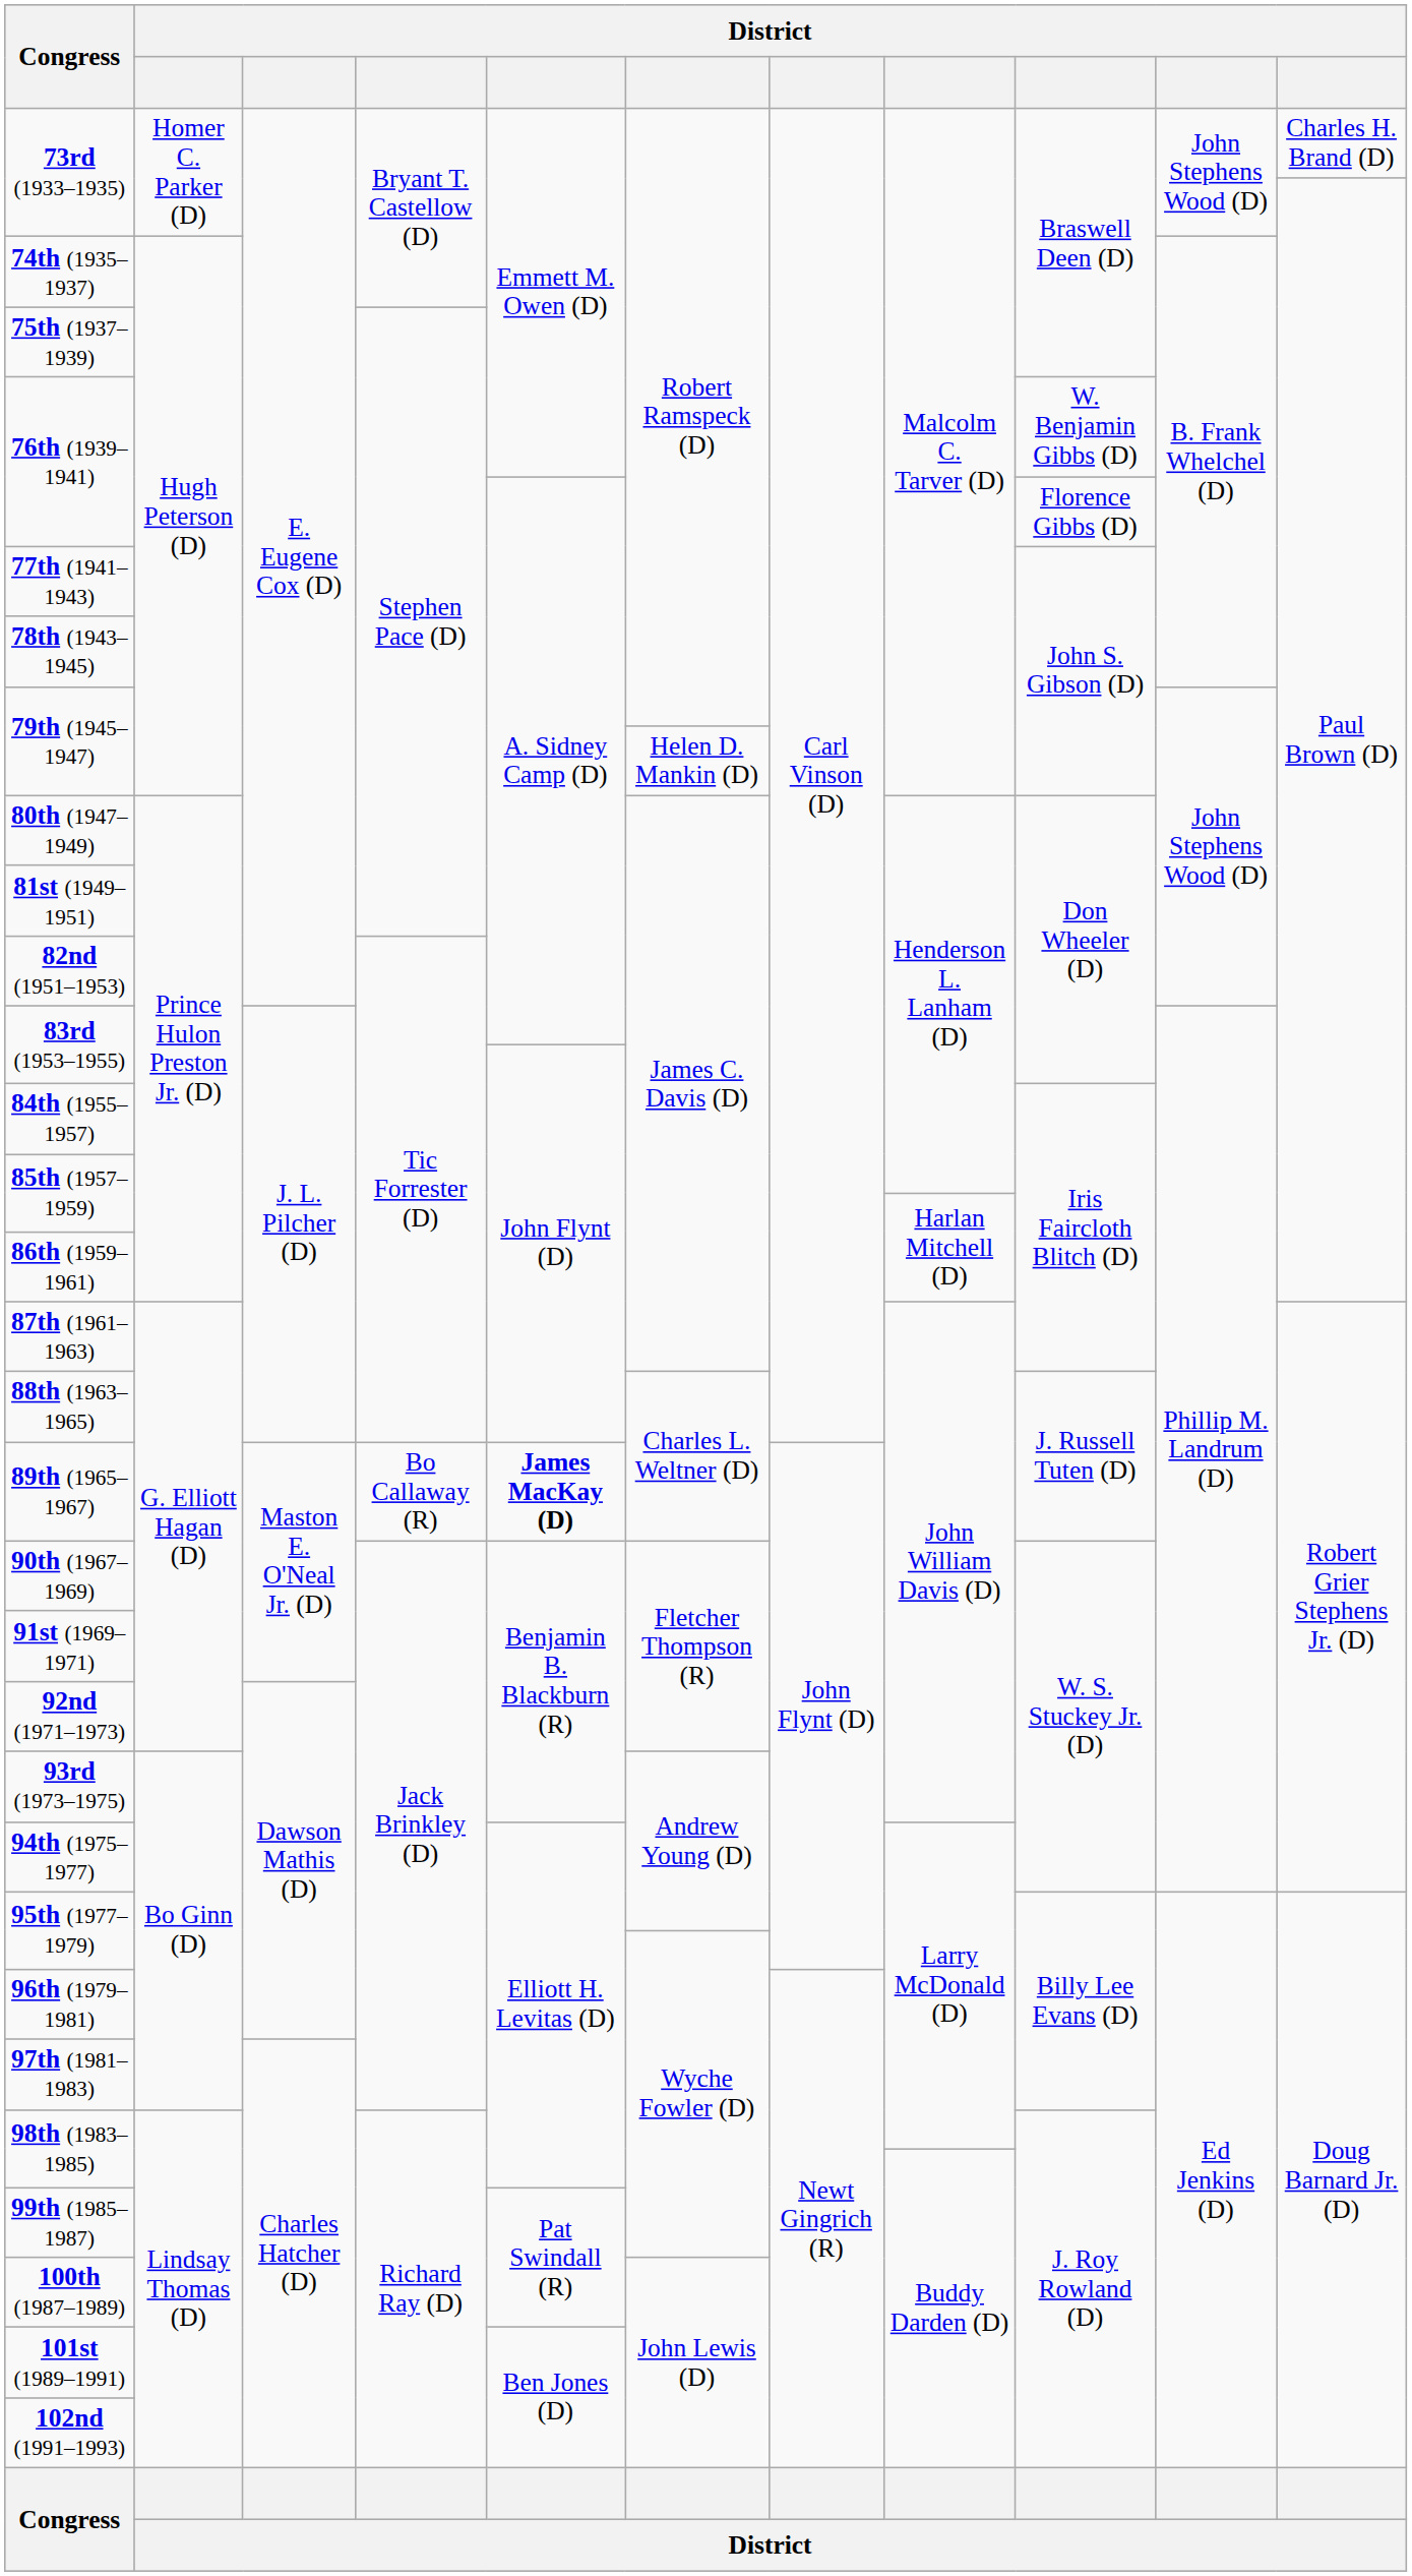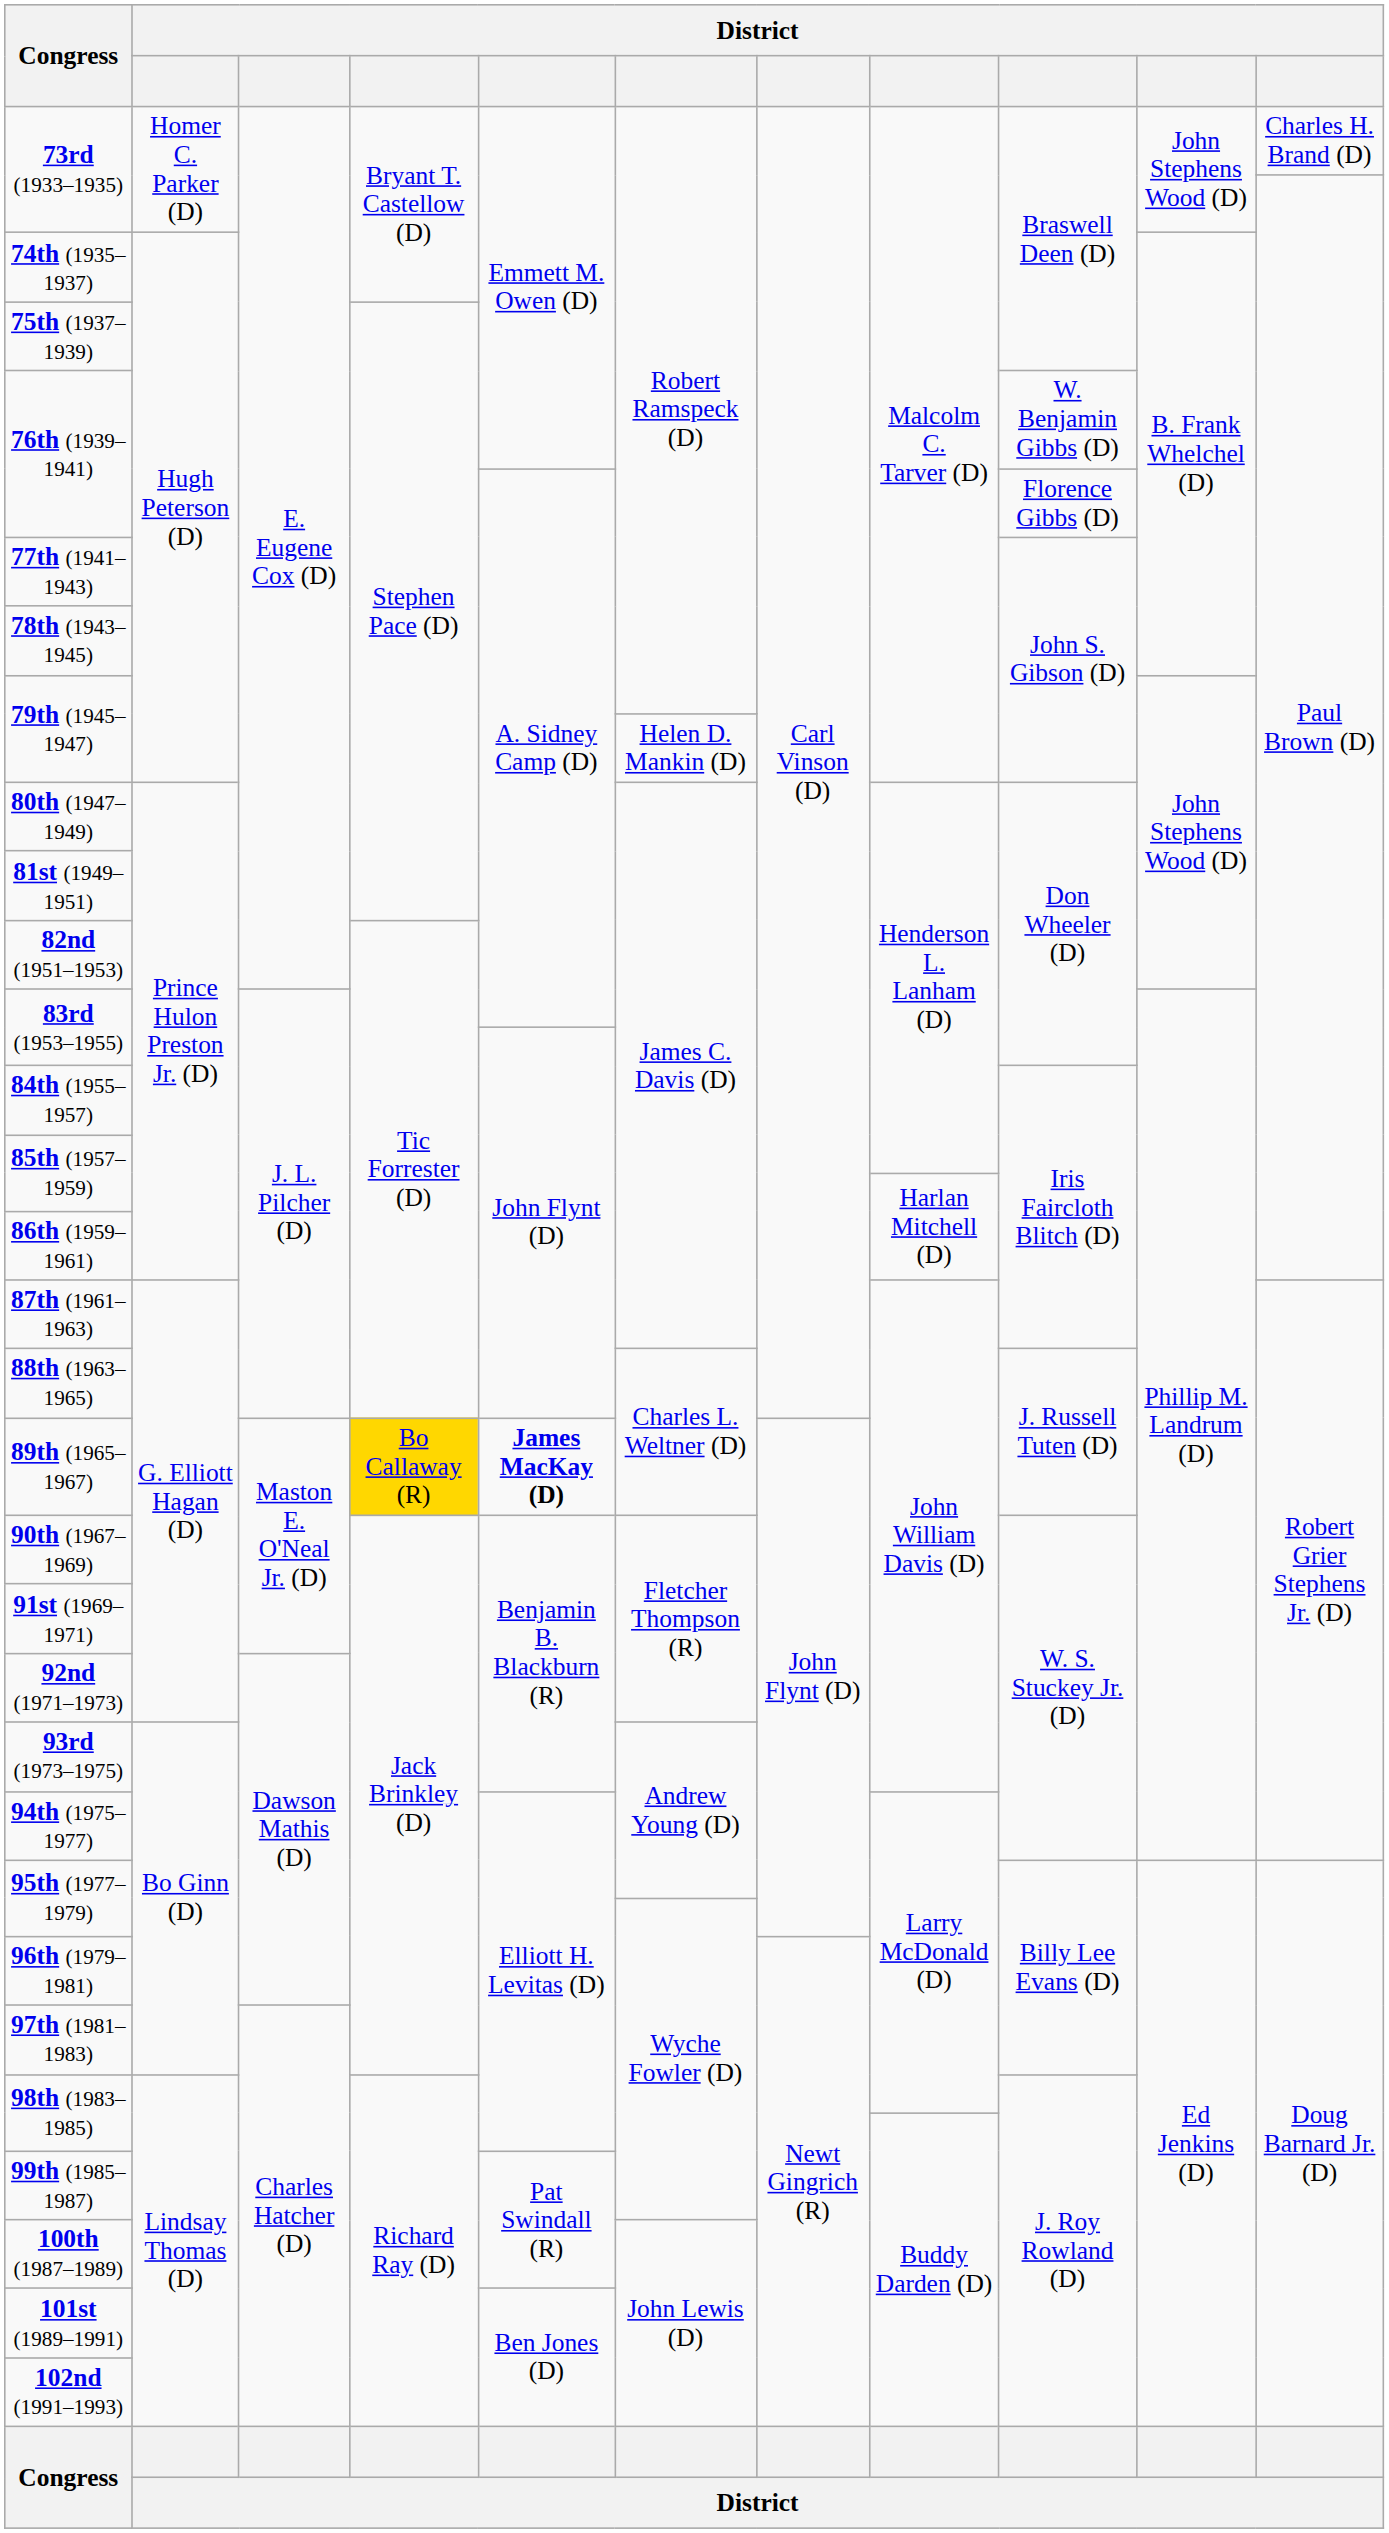 <table class=wikitable style="text-align:center">
 <tr style="height:2em">
 <th rowspan=2>Congress</th>
 <th colspan=10>District</th>
 </tr>
 <tr style="height:2em">
 <th></th>
 <th></th>
 <th></th>
 <th></th>
 <th></th>
 <th></th>
 <th></th>
 <th></th>
 <th></th>
 <th></th>
 </tr>
 <tr style="height:2em">
 <td rowspan="2"><strong><a href='#'>73rd</a></strong> <small>(1933–1935)</small></td>
 <td rowspan="2" ><a href='#'>Homer C.<br>Parker</a> (D)</td>
 <td rowspan="13" ><a href='#'>E. Eugene<br>Cox</a> (D)</td>
 <td rowspan="3" ><a href='#'>Bryant T.<br>Castellow</a> (D)</td>
 <td rowspan="5" ><a href='#'>Emmett M.<br>Owen</a> (D)</td>
 <td rowspan="9" ><a href='#'>Robert<br>Ramspeck</a> (D)</td>
 <td rowspan="21" ><a href='#'>Carl<br>Vinson</a> (D)</td>
 <td rowspan="10" ><a href='#'>Malcolm C.<br>Tarver</a> (D)</td>
 <td rowspan="4" ><a href='#'>Braswell Deen</a> (D)</td>
 <td rowspan="2" ><a href='#'>John Stephens<br>Wood</a> (D)</td>
 <td><a href='#'>Charles H. Brand</a> (D)</td>
 </tr>
 <tr style="height:1.5em">
 <td rowspan="18" ><a href='#'>Paul Brown</a> (D)</td>
 </tr>
 <tr style="height:2.5em">
 <td><strong><a href='#'>74th</a></strong> <small>(1935–1937)</small></td>
 <td rowspan="8" ><a href='#'>Hugh<br>Peterson</a> (D)</td>
 <td rowspan="6" ><a href='#'>B. Frank<br>Whelchel</a> (D)</td>
 </tr>
 <tr style="height:2.5em">
 <td><strong><a href='#'>75th</a></strong> <small>(1937–1939)</small></td>
 <td rowspan="9" ><a href='#'>Stephen Pace</a> (D)</td>
 </tr>
 <tr style="height:2em">
 <td rowspan="2"><strong><a href='#'>76th</a></strong> <small>(1939–1941)</small></td>
 <td><a href='#'>W. Benjamin Gibbs</a> (D)</td>
 </tr>
 <tr style="height:2em">
 <td rowspan="9" ><a href='#'>A. Sidney<br>Camp</a> (D)</td>
 <td><a href='#'>Florence Gibbs</a> (D)</td>
 </tr>
 <tr style="height:2.5em">
 <td><strong><a href='#'>77th</a></strong> <small>(1941–1943)</small></td>
 <td rowspan="4" ><a href='#'>John S. Gibson</a> (D)</td>
 </tr>
 <tr style="height:2.5em">
 <td><strong><a href='#'>78th</a></strong> <small>(1943–1945)</small></td>
 </tr>
 <tr style="height:1.5em">
 <td rowspan="2"><strong><a href='#'>79th</a></strong> <small>(1945–1947)</small></td>
 <td rowspan="5" ><a href='#'>John Stephens<br>Wood</a> (D)</td>
 </tr>
 <tr style="height:2em">
 <td><a href='#'>Helen D. Mankin</a> (D)</td>
 </tr>
 <tr style="height:2.5em">
 <td><strong><a href='#'>80th</a></strong> <small>(1947–1949)</small></td>
 <td rowspan="9" ><a href='#'>Prince<br>Hulon<br>Preston<br>Jr.</a> (D)</td>
 <td rowspan="10" ><a href='#'>James C. Davis</a> (D)</td>
 <td rowspan="7" ><a href='#'>Henderson L.<br>Lanham</a> (D)</td>
 <td rowspan="5" ><a href='#'>Don Wheeler</a> (D)</td>
 </tr>
 <tr style="height:2.5em">
 <td><strong><a href='#'>81st</a></strong> <small>(1949–1951)</small></td>
 </tr>
 <tr style="height:2.5em">
 <td><strong><a href='#'>82nd</a></strong> <small>(1951–1953)</small></td>
 <td rowspan="9" ><a href='#'>Tic Forrester</a> (D)</td>
 </tr>
 <tr style="height:1.5em">
 <td rowspan="2"><strong><a href='#'>83rd</a></strong> <small>(1953–1955)</small></td>
 <td rowspan="8" ><a href='#'>J. L. Pilcher</a> (D)</td>
 <td rowspan="14" ><a href='#'>Phillip M.<br>Landrum</a> (D)</td>
 </tr>
 <tr style="height:1.5em">
 <td rowspan="7" ><a href='#'>John Flynt</a> (D)</td>
 </tr>
 <tr style="height:2.5em">
 <td><strong><a href='#'>84th</a></strong> <small>(1955–1957)</small></td>
 <td rowspan="5" ><a href='#'>Iris Faircloth<br>Blitch</a> (D)</td>
 </tr>
 <tr style="height:1.5em">
 <td rowspan="2"><strong><a href='#'>85th</a></strong> <small>(1957–1959)</small></td>
 </tr>
 <tr style="height:1.5em">
 <td rowspan="2" ><a href='#'>Harlan<br>Mitchell</a> (D)</td>
 </tr>
 <tr style="height:2.5em">
 <td><strong><a href='#'>86th</a></strong> <small>(1959–1961)</small></td>
 </tr>
 <tr style="height:2.5em">
 <td><strong><a href='#'>87th</a></strong> <small>(1961–1963)</small></td>
 <td rowspan="6" ><a href='#'>G. Elliott<br>Hagan</a> (D)</td>
 <td rowspan="7" ><a href='#'>John William<br>Davis</a> (D)</td>
 <td rowspan="8" ><a href='#'>Robert<br>Grier<br>Stephens<br>Jr.</a> (D)</td>
 </tr>
 <tr style="height:2.5em">
 <td><strong><a href='#'>88th</a></strong> <small>(1963–1965)</small></td>
 <td rowspan="2" ><a href='#'>Charles L.<br>Weltner</a> (D)</td>
 <td rowspan="2" ><a href='#'>J. Russell Tuten</a> (D)</td>
 </tr>
 <tr style="height:2.5em">
 <td><strong><a href='#'>89th</a></strong> <small>(1965–1967)</small></td>
 <td rowspan="3" ><a href='#'>Maston E.<br>O'Neal Jr.</a> (D)</td>
-<td><a href='#'>Bo Callaway</a> (R)</td>
+<td style="background: gold;"><a href='#'>Bo Callaway</a> (R)</td>
 <td><strong><a href='#'>James MacKay</a> (D)</strong></td>
 <td rowspan="8" ><a href='#'>John Flynt</a> (D)</td>
 </tr>
 <tr style="height:2.5em">
 <td><strong><a href='#'>90th</a></strong> <small>(1967–1969)</small></td>
 <td rowspan="9" ><a href='#'>Jack Brinkley</a> (D)</td>
 <td rowspan="4" ><a href='#'>Benjamin B.<br>Blackburn</a> (R)</td>
 <td rowspan="3" ><a href='#'>Fletcher<br>Thompson</a> (R)</td>
 <td rowspan="5" ><a href='#'>W. S. Stuckey Jr.</a> (D)</td>
 </tr>
 <tr style="height:2.5em">
 <td><strong><a href='#'>91st</a></strong> <small>(1969–1971)</small></td>
 </tr>
 <tr style="height:2.5em">
 <td><strong><a href='#'>92nd</a></strong> <small>(1971–1973)</small></td>
 <td rowspan="6" ><a href='#'>Dawson<br>Mathis</a> (D)</td>
 </tr>
 <tr style="height:2.5em">
 <td><strong><a href='#'>93rd</a></strong> <small>(1973–1975)</small></td>
 <td rowspan="6" ><a href='#'>Bo Ginn</a> (D)</td>
 <td rowspan="3" ><a href='#'>Andrew Young</a> (D)</td>
 </tr>
 <tr style="height:2.5em">
 <td><strong><a href='#'>94th</a></strong> <small>(1975–1977)</small></td>
 <td rowspan="7" ><a href='#'>Elliott H.<br>Levitas</a> (D)</td>
 <td rowspan="6" ><a href='#'>Larry<br>McDonald</a> (D)</td>
 </tr>
 <tr style="height:1.5em">
 <td rowspan="2"><strong><a href='#'>95th</a></strong> <small>(1977–1979)</small></td>
 <td rowspan="4" ><a href='#'>Billy Lee Evans</a> (D)</td>
 <td rowspan="10" ><a href='#'>Ed Jenkins</a> (D)</td>
 <td rowspan="10" ><a href='#'>Doug<br>Barnard Jr.</a> (D)</td>
 </tr>
 <tr style="height:1.5em">
 <td rowspan="6" ><a href='#'>Wyche Fowler</a> (D)</td>
 </tr>
 <tr style="height:2.5em">
 <td><strong><a href='#'>96th</a></strong> <small>(1979–1981)</small></td>
 <td rowspan="8" ><a href='#'>Newt<br>Gingrich</a> (R)</td>
 </tr>
 <tr style="height:2.5em">
 <td><strong><a href='#'>97th</a></strong> <small>(1981–1983)</small></td>
 <td rowspan="7" ><a href='#'>Charles<br>Hatcher</a> (D)</td>
 </tr>
 <tr style="height:1.5em">
 <td rowspan="2"><strong><a href='#'>98th</a></strong> <small>(1983–1985)</small></td>
 <td rowspan="6" ><a href='#'>Lindsay<br>Thomas</a> (D)</td>
 <td rowspan="6" ><a href='#'>Richard Ray</a> (D)</td>
 <td rowspan="6" ><a href='#'>J. Roy Rowland</a> (D)</td>
 </tr>
 <tr style="height:1.5em">
 <td rowspan="5" ><a href='#'>Buddy<br>Darden</a> (D)</td>
 </tr>
 <tr style="height:2.5em">
 <td><strong><a href='#'>99th</a></strong> <small>(1985–1987)</small></td>
 <td rowspan="2" ><a href='#'>Pat Swindall</a> (R)</td>
 </tr>
 <tr style="height:2.5em">
 <td><strong><a href='#'>100th</a></strong> <small>(1987–1989)</small></td>
 <td rowspan="3" ><a href='#'>John Lewis</a> (D)</td>
 </tr>
 <tr style="height:2.5em">
 <td><strong><a href='#'>101st</a></strong> <small>(1989–1991)</small></td>
 <td rowspan="2" ><a href='#'>Ben Jones</a> (D)</td>
 </tr>
 <tr style="height:2.5em">
 <td><strong><a href='#'>102nd</a></strong> <small>(1991–1993)</small></td>
 </tr>
 <tr style="height:2em">
 <th rowspan="3">Congress</th>
 <th></th>
 <th></th>
 <th></th>
 <th></th>
 <th></th>
 <th></th>
 <th></th>
 <th></th>
 <th></th>
 <th></th>
 </tr>
 <tr style="height:2em">
 <th colspan="10">District</th>
 </tr>
 </table>
